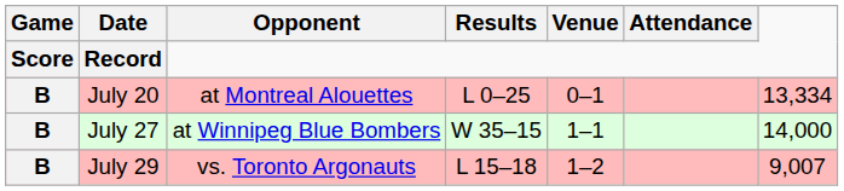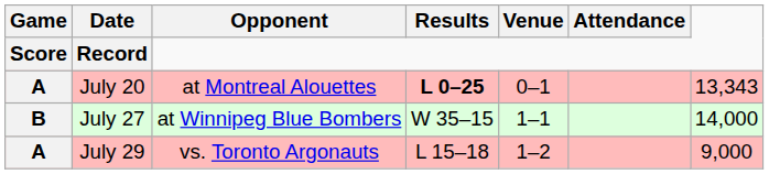 <table class="wikitable" style="text-align:center">
 <tr>
 <th>Game</th>
 <th>Date</th>
 <th>Opponent</th>
 <th>Results</th>
 <th>Venue</th>
 <th>Attendance</th>
 </tr>
 <tr>
 <th>Score</th>
 <th>Record</th>
 </tr>
 <tr style="background:#ffbbbb">
-<th>B</th>
+<th>A</th>
 <td>July 20</td>
 <td>at <a href='#'>Montreal Alouettes</a></td>
-<td>L 0–25</td>
+<td><strong>L 0–25</strong></td>
 <td>0–1</td>
 <td></td>
-<td>13,334</td>
+<td>13,343</td>
 </tr>
 <tr style="background:#ddffdd">
 <th>B</th>
 <td>July 27</td>
 <td>at <a href='#'>Winnipeg Blue Bombers</a></td>
 <td>W 35–15</td>
 <td>1–1</td>
 <td></td>
 <td>14,000</td>
 </tr>
 <tr style="background:#ffbbbb">
-<th>B</th>
+<th>A</th>
 <td>July 29</td>
 <td>vs. <a href='#'>Toronto Argonauts</a></td>
 <td>L 15–18</td>
 <td>1–2</td>
 <td></td>
-<td>9,007</td>
+<td>9,000</td>
 </tr>
 </table>
